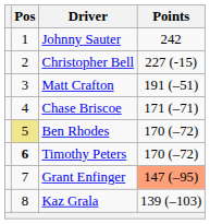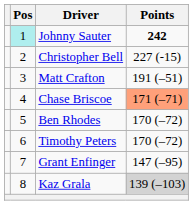 <table class="wikitable" style="font-size: 95%;">
 <tr>
 <th></th>
 <th>Pos</th>
 <th>Driver</th>
 <th>Points</th>
 </tr>
 <tr>
 <td align="left"></td>
-<td style="text-align:center;">1</td>
+<td style="background: paleturquoise; text-align:center;">1</td>
 <td><a href='#'>Johnny Sauter</a></td>
-<td style="text-align:center;">242</td>
+<td style="text-align:center;"><strong>242</strong></td>
 </tr>
 <tr>
 <td align="left"></td>
 <td style="text-align:center;">2</td>
 <td><a href='#'>Christopher Bell</a></td>
 <td style="text-align:center;">227 (-15)</td>
 </tr>
 <tr>
 <td align="left"></td>
 <td style="text-align:center;">3</td>
 <td><a href='#'>Matt Crafton</a></td>
 <td style="text-align:center;">191 (–51)</td>
 </tr>
 <tr>
 <td align="left"></td>
 <td style="text-align:center;">4</td>
 <td><a href='#'>Chase Briscoe</a></td>
-<td style="text-align:center;">171 (–71)</td>
+<td style="background: lightsalmon; text-align:center;">171 (–71)</td>
 </tr>
 <tr>
 <td align="left"></td>
-<td style="background: khaki; text-align:center;">5</td>
+<td style="text-align:center;">5</td>
 <td><a href='#'>Ben Rhodes</a></td>
 <td style="text-align:center;">170 (–72)</td>
 </tr>
 <tr>
 <td align="left"></td>
-<td style="text-align:center;"><strong>6</strong></td>
+<td style="text-align:center;">6</td>
 <td><a href='#'>Timothy Peters</a></td>
 <td style="text-align:center;">170 (–72)</td>
 </tr>
 <tr>
 <td align="left"></td>
 <td style="text-align:center;">7</td>
 <td><a href='#'>Grant Enfinger</a></td>
-<td style="background: lightsalmon; text-align:center;">147 (–95)</td>
+<td style="text-align:center;">147 (–95)</td>
 </tr>
 <tr>
 <td align="left"></td>
 <td style="text-align:center;">8</td>
 <td><a href='#'>Kaz Grala</a></td>
-<td style="text-align:center;">139 (–103)</td>
+<td style="background: lightgrey; text-align:center;">139 (–103)</td>
 </tr>
 <tr class="sortbottom">
 <th colspan="9"></th>
 </tr>
 </table>
